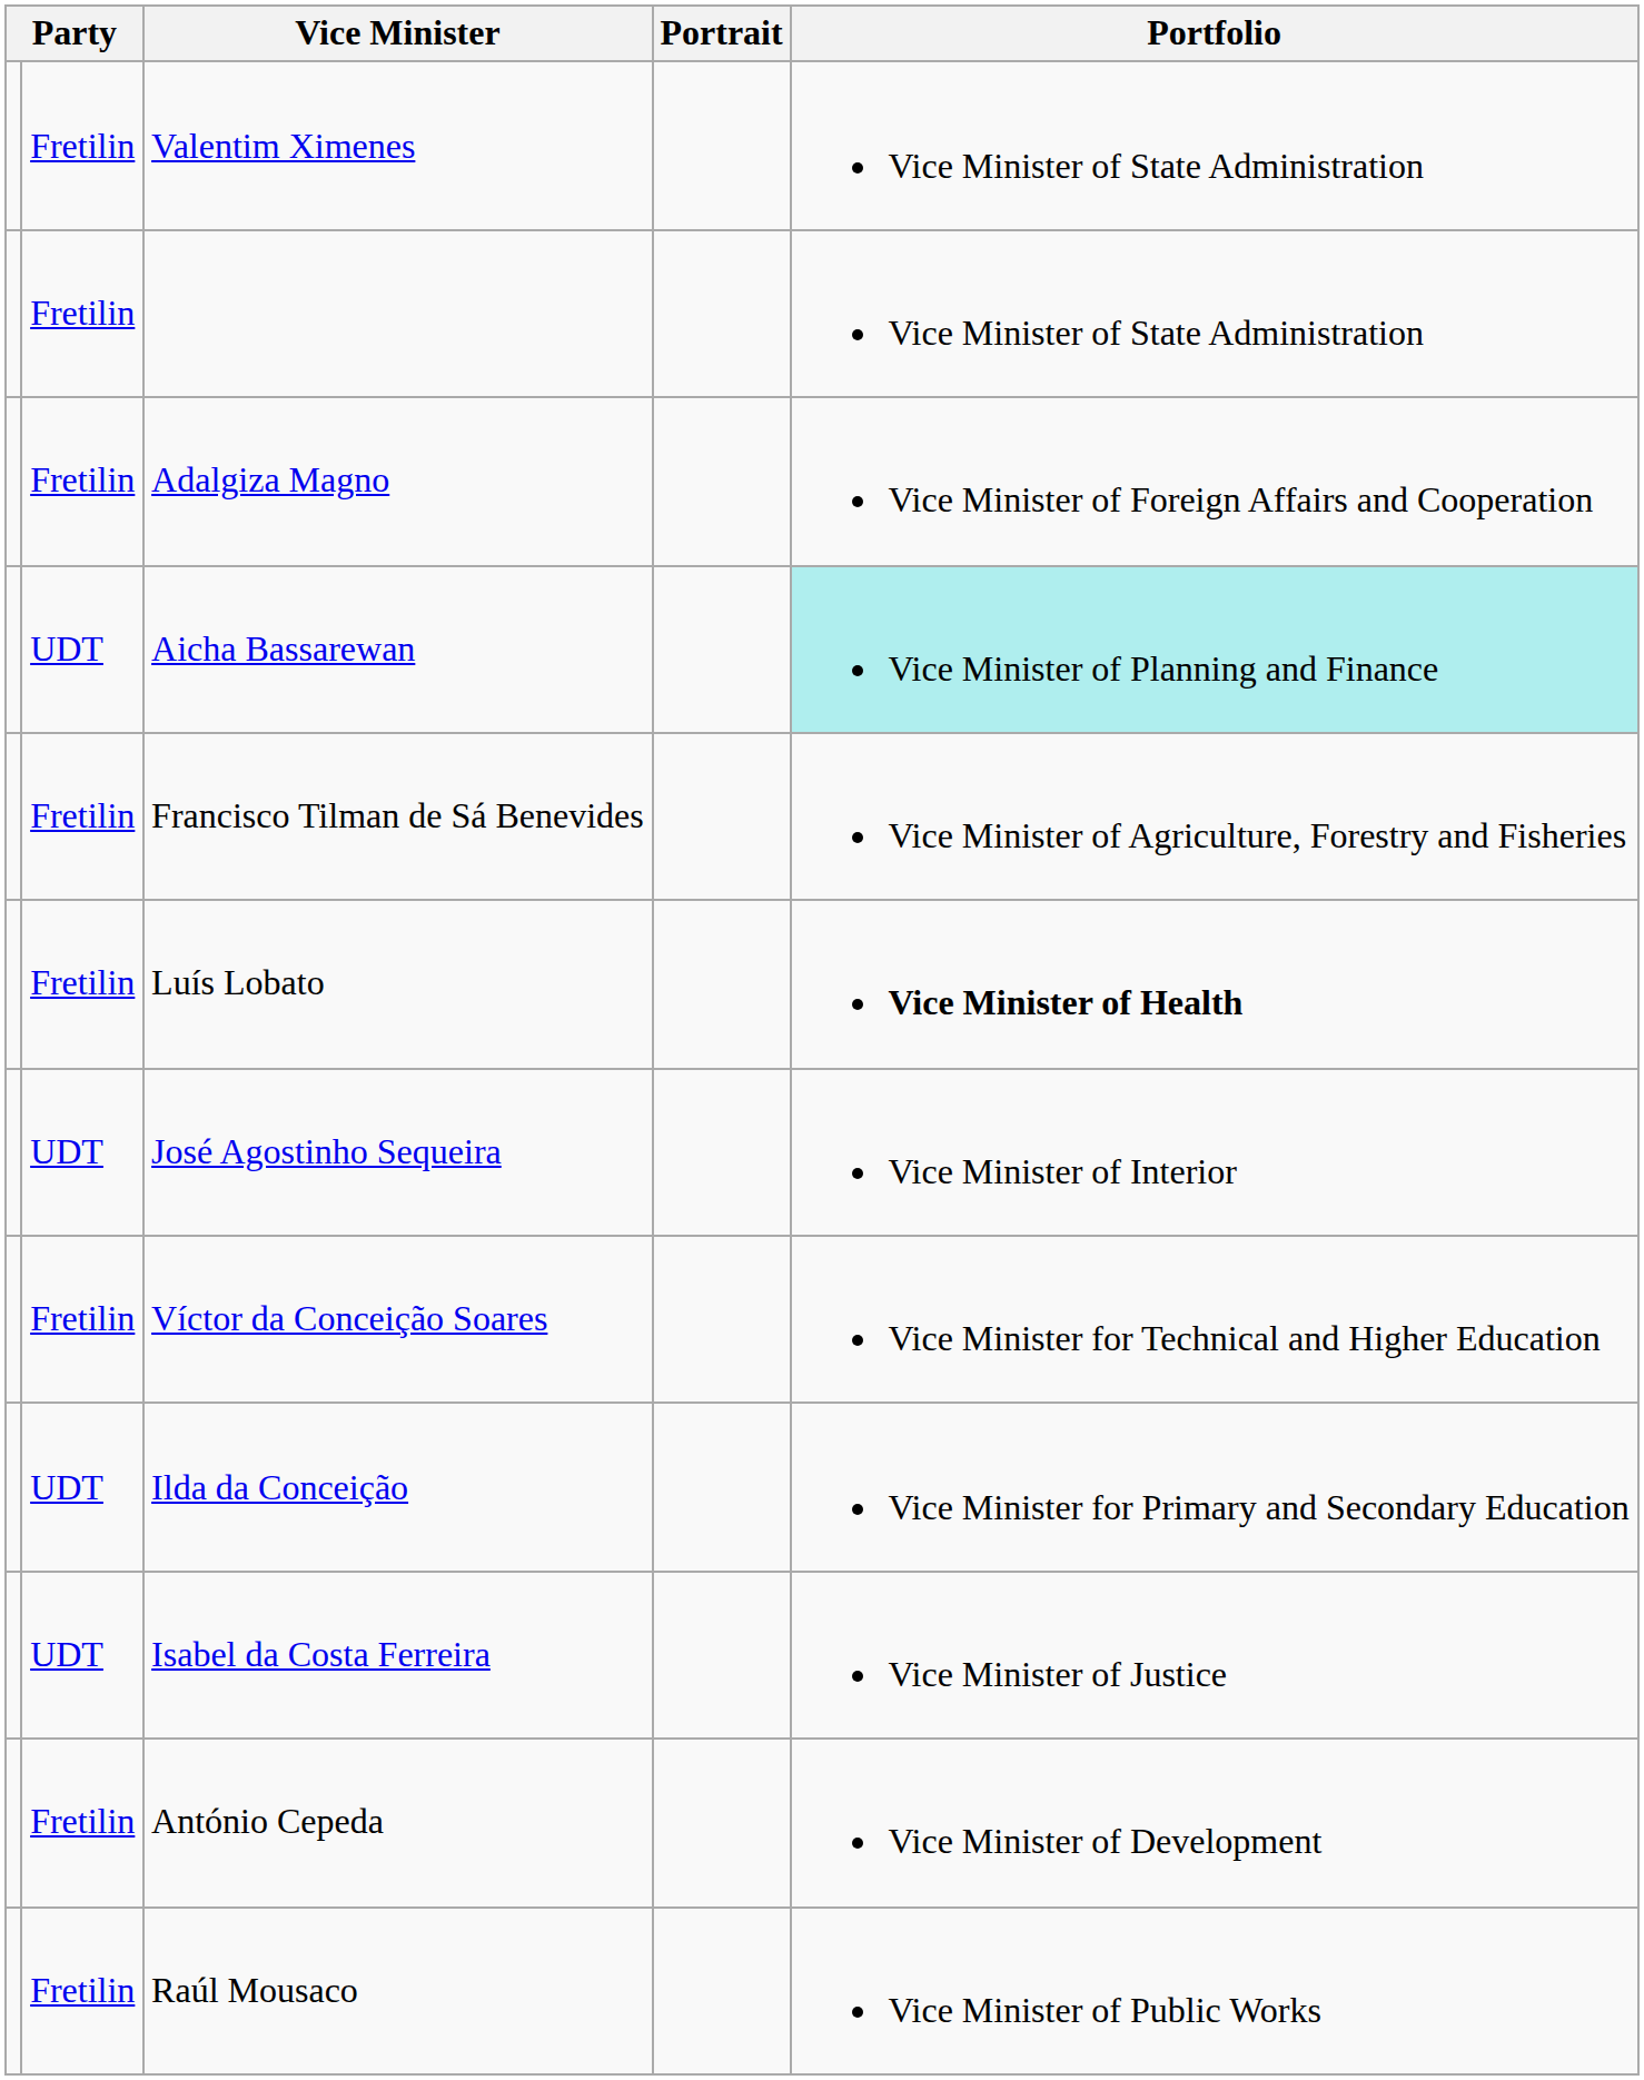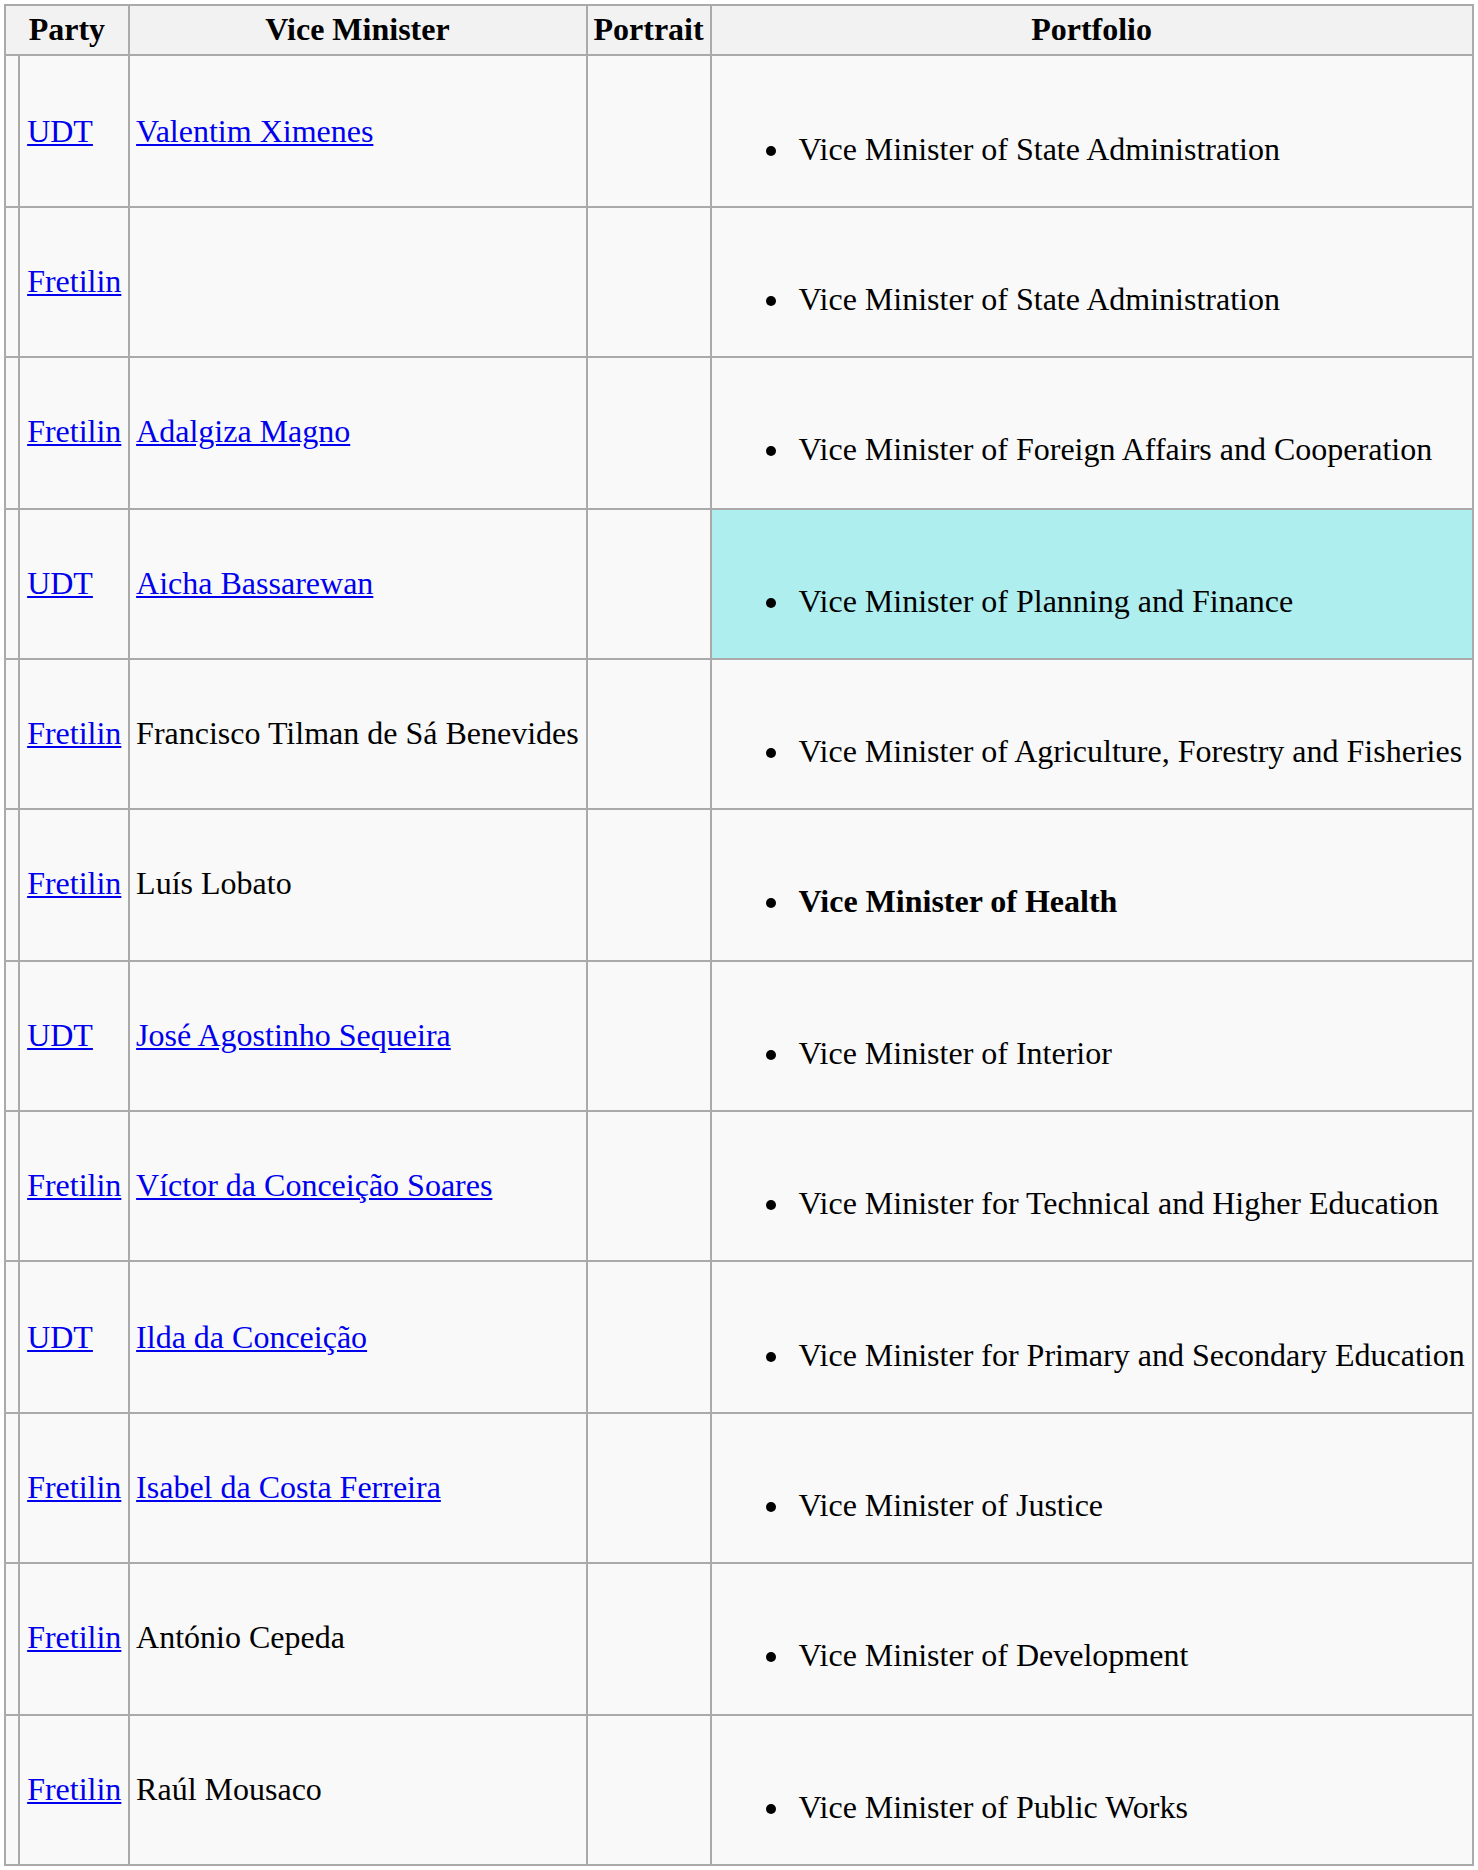 <table class="wikitable sortable">
 <tr>
 <th colspan="2">Party</th>
 <th>Vice Minister</th>
 <th>Portrait</th>
 <th>Portfolio</th>
 </tr>
 <tr>
 <td style="background:"></td>
-<td><a href='#'>Fretilin</a></td>
+<td><a href='#'>UDT</a></td>
 <td><a href='#'>Valentim Ximenes</a></td>
 <td></td>
 <td><br><ul><li>Vice Minister of State Administration</li></ul></td>
 </tr>
 <tr>
 <td style="background:"></td>
 <td><a href='#'>Fretilin</a></td>
 <td></td>
 <td></td>
 <td><br><ul><li>Vice Minister of State Administration</li></ul></td>
 </tr>
 <tr>
 <td style="background:"></td>
 <td><a href='#'>Fretilin</a></td>
 <td><a href='#'>Adalgiza Magno</a></td>
 <td></td>
 <td><br><ul><li>Vice Minister of Foreign Affairs and Cooperation</li></ul></td>
 </tr>
 <tr>
 <td style="background:"></td>
 <td><a href='#'>UDT</a></td>
 <td><a href='#'>Aicha Bassarewan</a></td>
 <td></td>
 <td style="background: paleturquoise;"><br><ul><li>Vice Minister of Planning and Finance</li></ul></td>
 </tr>
 <tr>
 <td style="background:"></td>
 <td><a href='#'>Fretilin</a></td>
 <td>Francisco Tilman de Sá Benevides</td>
 <td></td>
 <td><br><ul><li>Vice Minister of Agriculture, Forestry and Fisheries</li></ul></td>
 </tr>
 <tr>
 <td style="background:"></td>
 <td><a href='#'>Fretilin</a></td>
 <td>Luís Lobato</td>
 <td></td>
 <td><strong><br><ul><li>Vice Minister of Health</li></ul></strong></td>
 </tr>
 <tr>
 <td style="background:"></td>
 <td><a href='#'>UDT</a></td>
 <td><a href='#'>José Agostinho Sequeira</a></td>
 <td></td>
 <td><br><ul><li>Vice Minister of Interior</li></ul></td>
 </tr>
 <tr>
 <td style="background:"></td>
 <td><a href='#'>Fretilin</a></td>
 <td><a href='#'>Víctor da Conceição Soares</a></td>
 <td></td>
 <td><br><ul><li>Vice Minister for Technical and Higher Education</li></ul></td>
 </tr>
 <tr>
 <td style="background:"></td>
 <td><a href='#'>UDT</a></td>
 <td><a href='#'>Ilda da Conceição</a></td>
 <td></td>
 <td><br><ul><li>Vice Minister for Primary and Secondary Education</li></ul></td>
 </tr>
 <tr>
 <td style="background:"></td>
-<td><a href='#'>UDT</a></td>
+<td><a href='#'>Fretilin</a></td>
 <td><a href='#'>Isabel da Costa Ferreira</a></td>
 <td></td>
 <td><br><ul><li>Vice Minister of Justice</li></ul></td>
 </tr>
 <tr>
 <td style="background:"></td>
 <td><a href='#'>Fretilin</a></td>
 <td>António Cepeda</td>
 <td></td>
 <td><br><ul><li>Vice Minister of Development</li></ul></td>
 </tr>
 <tr>
 <td style="background:"></td>
 <td><a href='#'>Fretilin</a></td>
 <td>Raúl Mousaco</td>
 <td></td>
 <td><br><ul><li>Vice Minister of Public Works</li></ul></td>
 </tr>
 </table>
